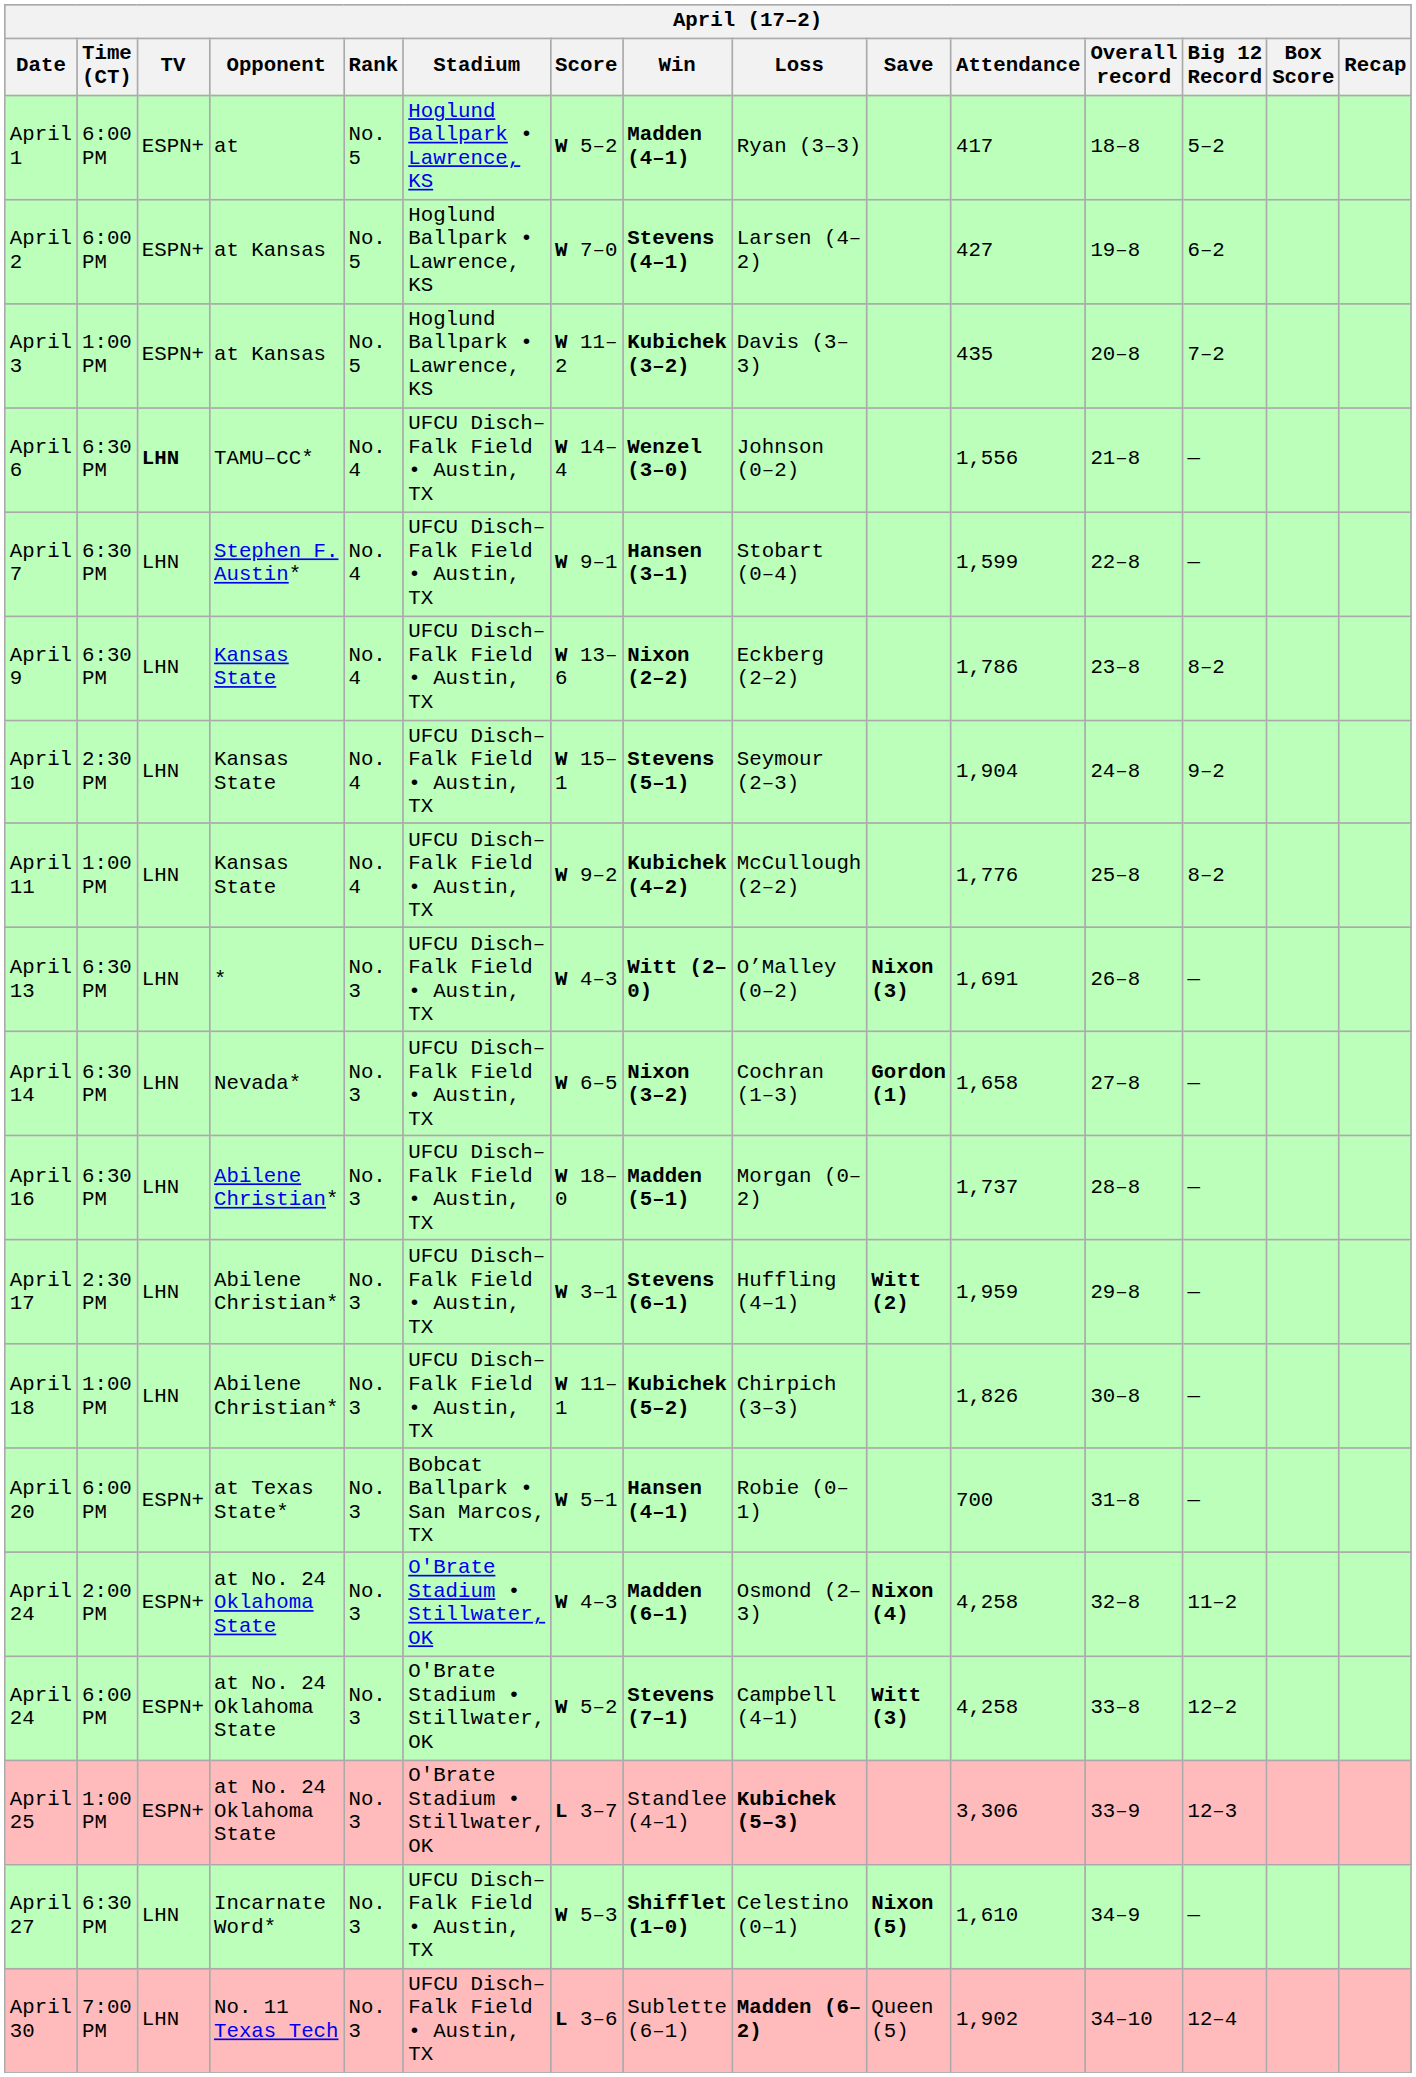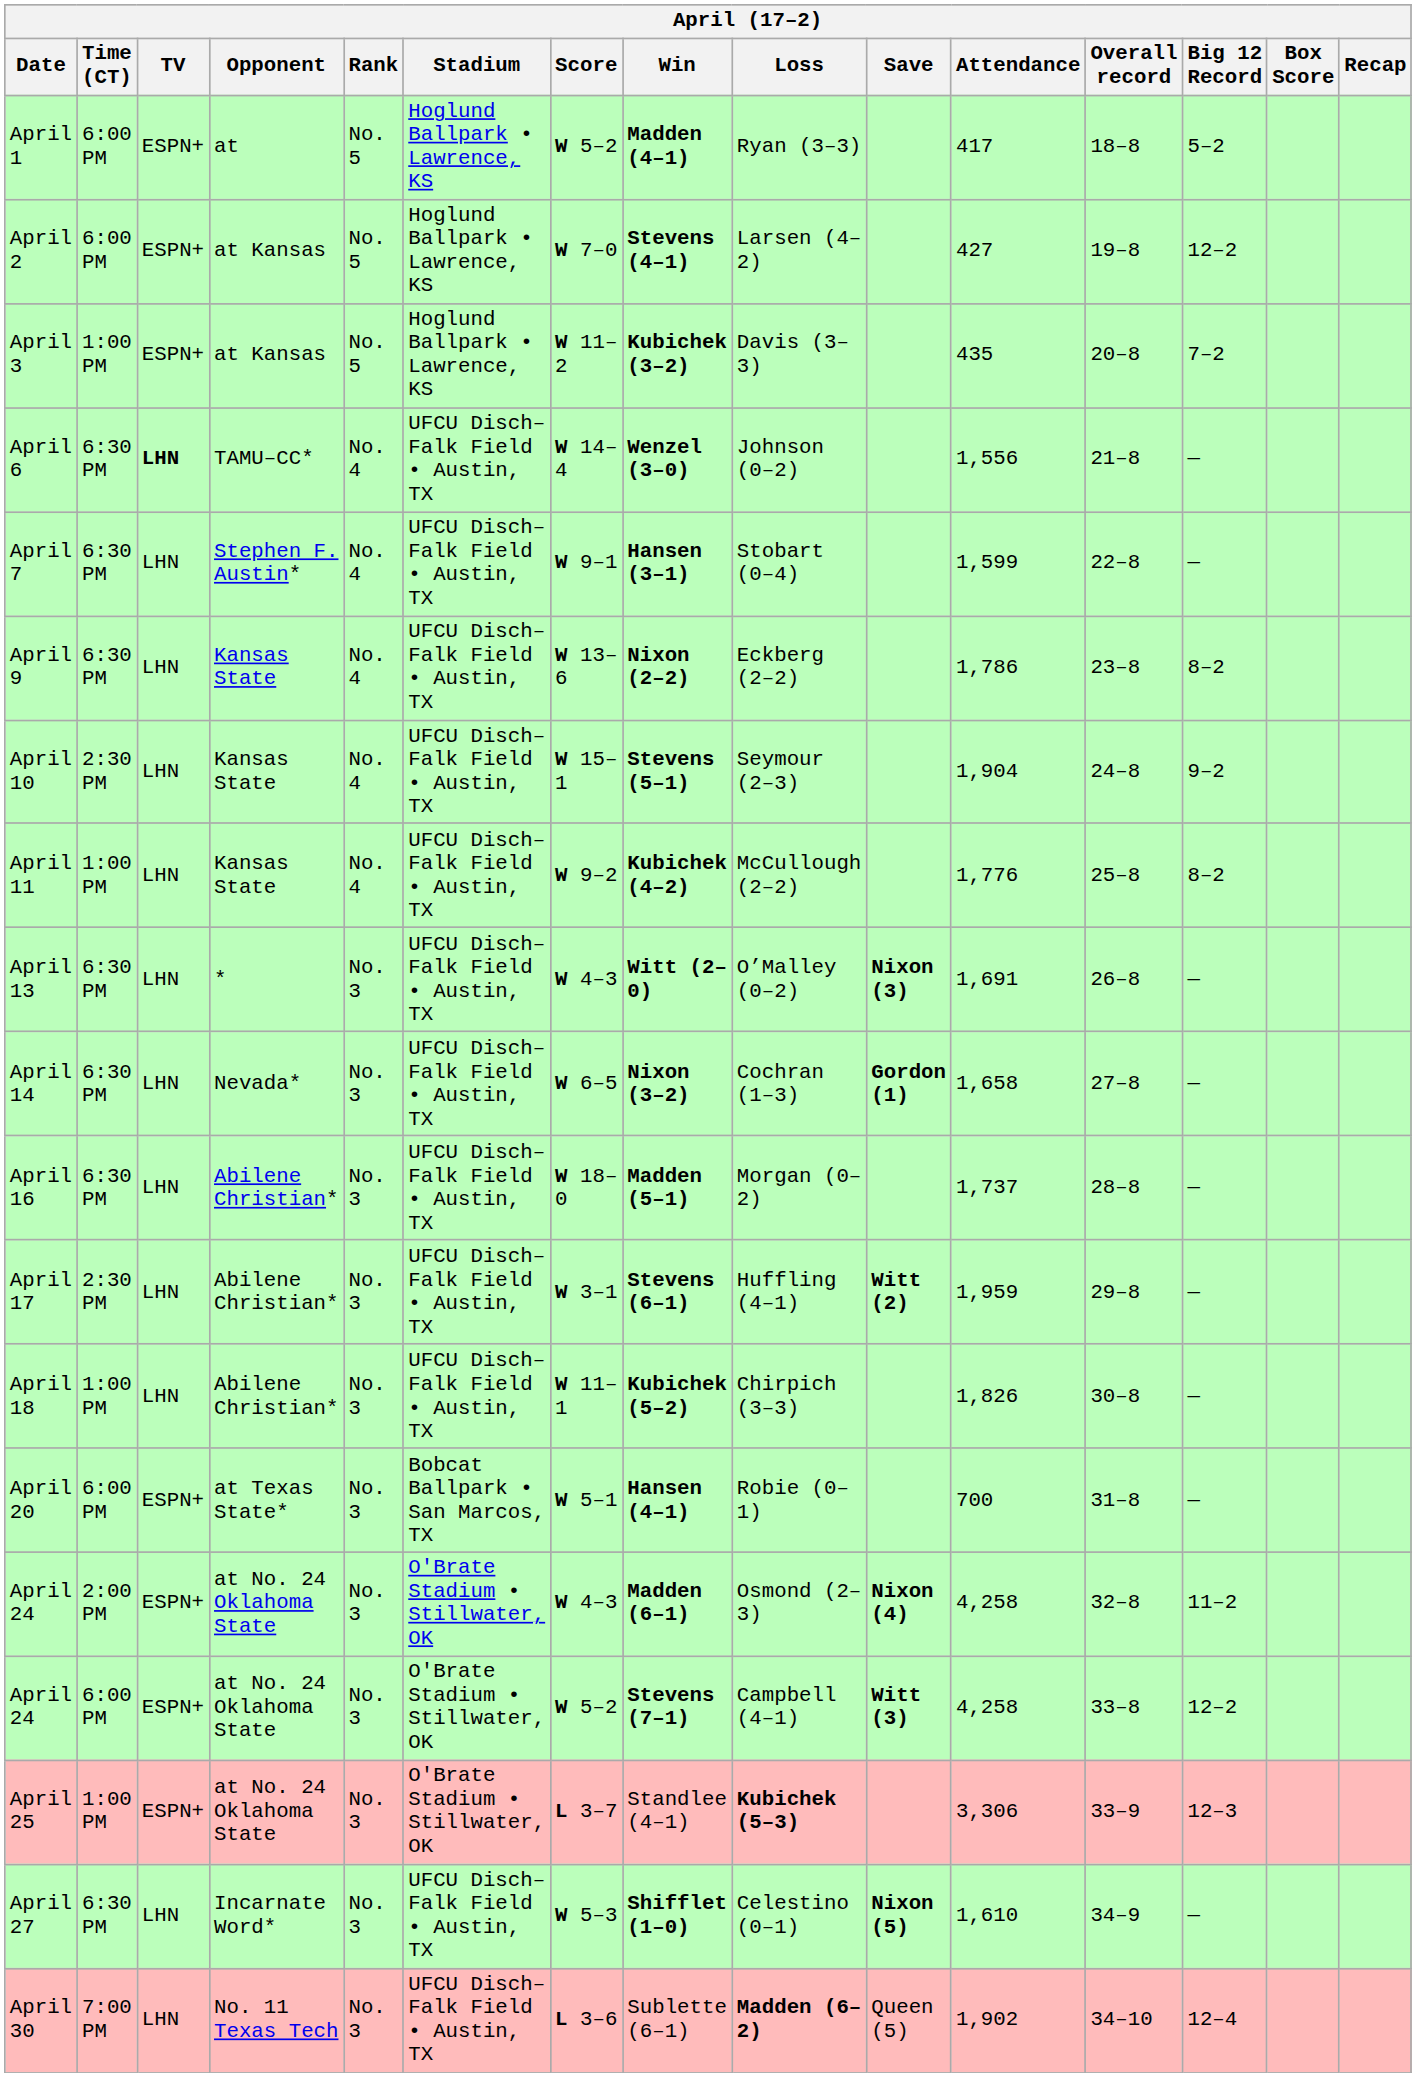 <table class="wikitable collapsible collapsed" style="margin:auto; font-size:95%; width:100%">
 <tr>
 <th colspan=15 style="padding-left:4em;">April (17–2)</th>
 </tr>
 <tr>
 <th>Date</th>
 <th>Time (CT)</th>
 <th>TV</th>
 <th>Opponent</th>
 <th>Rank</th>
 <th>Stadium</th>
 <th>Score</th>
 <th>Win</th>
 <th>Loss</th>
 <th>Save</th>
 <th>Attendance</th>
 <th>Overall record</th>
 <th>Big 12 Record</th>
 <th>Box Score</th>
 <th>Recap</th>
 </tr>
 <tr bgcolor=bbffbb>
 <td>April 1</td>
 <td>6:00 PM</td>
 <td>ESPN+</td>
 <td>at </td>
 <td>No. 5</td>
 <td><a href='#'>Hoglund Ballpark</a> • <a href='#'>Lawrence, KS</a></td>
 <td><strong>W</strong> 5–2</td>
 <td><strong>Madden (4–1)</strong></td>
 <td>Ryan (3–3)</td>
 <td></td>
 <td>417</td>
 <td>18–8</td>
 <td>5–2</td>
 <td></td>
 <td></td>
 </tr>
 <tr bgcolor=bbffbb>
 <td>April 2</td>
 <td>6:00 PM</td>
 <td>ESPN+</td>
 <td>at Kansas</td>
 <td>No. 5</td>
 <td>Hoglund Ballpark • Lawrence, KS</td>
 <td><strong>W</strong> 7–0</td>
 <td><strong>Stevens (4–1)</strong></td>
 <td>Larsen (4–2)</td>
 <td></td>
 <td>427</td>
 <td>19–8</td>
-<td>6–2</td>
+<td>12–2</td>
 <td></td>
 <td></td>
 </tr>
 <tr bgcolor=bbffbb>
 <td>April 3</td>
 <td>1:00 PM</td>
 <td>ESPN+</td>
 <td>at Kansas</td>
 <td>No. 5</td>
 <td>Hoglund Ballpark • Lawrence, KS</td>
 <td><strong>W</strong> 11–2</td>
 <td><strong>Kubichek (3–2)</strong></td>
 <td>Davis (3–3)</td>
 <td></td>
 <td>435</td>
 <td>20–8</td>
 <td>7–2</td>
 <td></td>
 <td></td>
 </tr>
 <tr bgcolor=bbffbb>
 <td>April 6</td>
 <td>6:30 PM</td>
 <td><strong>LHN</strong></td>
 <td>TAMU–CC*</td>
 <td>No. 4</td>
 <td>UFCU Disch–Falk Field • Austin, TX</td>
 <td><strong>W</strong> 14–4</td>
 <td><strong>Wenzel (3–0)</strong></td>
 <td>Johnson (0–2)</td>
 <td></td>
 <td>1,556</td>
 <td>21–8</td>
 <td>—</td>
 <td></td>
 <td></td>
 </tr>
 <tr bgcolor=bbffbb>
 <td>April 7</td>
 <td>6:30 PM</td>
 <td>LHN</td>
 <td><a href='#'>Stephen F. Austin</a>*</td>
 <td>No. 4</td>
 <td>UFCU Disch–Falk Field • Austin, TX</td>
 <td><strong>W</strong> 9–1</td>
 <td><strong>Hansen (3–1)</strong></td>
 <td>Stobart (0–4)</td>
 <td></td>
 <td>1,599</td>
 <td>22–8</td>
 <td>—</td>
 <td></td>
 <td></td>
 </tr>
 <tr bgcolor=bbffbb>
 <td>April 9</td>
 <td>6:30 PM</td>
 <td>LHN</td>
 <td><a href='#'>Kansas State</a></td>
 <td>No. 4</td>
 <td>UFCU Disch–Falk Field • Austin, TX</td>
 <td><strong>W</strong> 13–6</td>
 <td><strong>Nixon (2–2)</strong></td>
 <td>Eckberg (2–2)</td>
 <td></td>
 <td>1,786</td>
 <td>23–8</td>
 <td>8–2</td>
 <td></td>
 <td></td>
 </tr>
 <tr bgcolor=bbffbb>
 <td>April 10</td>
 <td>2:30 PM</td>
 <td>LHN</td>
 <td>Kansas State</td>
 <td>No. 4</td>
 <td>UFCU Disch–Falk Field • Austin, TX</td>
 <td><strong>W</strong> 15–1</td>
 <td><strong>Stevens (5–1)</strong></td>
 <td>Seymour (2–3)</td>
 <td></td>
 <td>1,904</td>
 <td>24–8</td>
 <td>9–2</td>
 <td></td>
 <td></td>
 </tr>
 <tr bgcolor=bbffbb>
 <td>April 11</td>
 <td>1:00 PM</td>
 <td>LHN</td>
 <td>Kansas State</td>
 <td>No. 4</td>
 <td>UFCU Disch–Falk Field • Austin, TX</td>
 <td><strong>W</strong> 9–2</td>
 <td><strong>Kubichek (4–2)</strong></td>
 <td>McCullough (2–2)</td>
 <td></td>
 <td>1,776</td>
 <td>25–8</td>
 <td>8–2</td>
 <td></td>
 <td></td>
 </tr>
 <tr bgcolor=bbffbb>
 <td>April 13</td>
 <td>6:30 PM</td>
 <td>LHN</td>
 <td>*</td>
 <td>No. 3</td>
 <td>UFCU Disch–Falk Field • Austin, TX</td>
 <td><strong>W</strong> 4–3</td>
 <td><strong>Witt (2–0)</strong></td>
 <td>O’Malley (0–2)</td>
 <td><strong>Nixon (3)</strong></td>
 <td>1,691</td>
 <td>26–8</td>
 <td>—</td>
 <td></td>
 <td></td>
 </tr>
 <tr bgcolor=bbffbb>
 <td>April 14</td>
 <td>6:30 PM</td>
 <td>LHN</td>
 <td>Nevada*</td>
 <td>No. 3</td>
 <td>UFCU Disch–Falk Field • Austin, TX</td>
 <td><strong>W</strong> 6–5</td>
 <td><strong>Nixon (3–2)</strong></td>
 <td>Cochran (1–3)</td>
 <td><strong>Gordon (1)</strong></td>
 <td>1,658</td>
 <td>27–8</td>
 <td>—</td>
 <td></td>
 <td></td>
 </tr>
 <tr bgcolor=bbffbb>
 <td>April 16</td>
 <td>6:30 PM</td>
 <td>LHN</td>
 <td><a href='#'>Abilene Christian</a>*</td>
 <td>No. 3</td>
 <td>UFCU Disch–Falk Field • Austin, TX</td>
 <td><strong>W</strong> 18–0</td>
 <td><strong>Madden (5–1)</strong></td>
 <td>Morgan (0–2)</td>
 <td></td>
 <td>1,737</td>
 <td>28–8</td>
 <td>—</td>
 <td></td>
 <td></td>
 </tr>
 <tr bgcolor=bbffbb>
 <td>April 17</td>
 <td>2:30 PM</td>
 <td>LHN</td>
 <td>Abilene Christian*</td>
 <td>No. 3</td>
 <td>UFCU Disch–Falk Field • Austin, TX</td>
 <td><strong>W</strong> 3–1</td>
 <td><strong>Stevens (6–1)</strong></td>
 <td>Huffling (4–1)</td>
 <td><strong>Witt (2)</strong></td>
 <td>1,959</td>
 <td>29–8</td>
 <td>—</td>
 <td></td>
 <td></td>
 </tr>
 <tr bgcolor=bbffbb>
 <td>April 18</td>
 <td>1:00 PM</td>
 <td>LHN</td>
 <td>Abilene Christian*</td>
 <td>No. 3</td>
 <td>UFCU Disch–Falk Field • Austin, TX</td>
 <td><strong>W</strong> 11–1</td>
 <td><strong>Kubichek (5–2)</strong></td>
 <td>Chirpich (3–3)</td>
 <td></td>
 <td>1,826</td>
 <td>30–8</td>
 <td>—</td>
 <td></td>
 <td></td>
 </tr>
 <tr bgcolor=bbffbb>
 <td>April 20</td>
 <td>6:00 PM</td>
 <td>ESPN+</td>
 <td>at Texas State*</td>
 <td>No. 3</td>
 <td>Bobcat Ballpark • San Marcos, TX</td>
 <td><strong>W</strong> 5–1</td>
 <td><strong>Hansen (4–1)</strong></td>
 <td>Robie (0–1)</td>
 <td></td>
 <td>700</td>
 <td>31–8</td>
 <td>—</td>
 <td></td>
 <td></td>
 </tr>
 <tr bgcolor=bbffbb>
 <td>April 24</td>
 <td>2:00 PM</td>
 <td>ESPN+</td>
 <td>at No. 24 <a href='#'>Oklahoma State</a></td>
 <td>No. 3</td>
 <td><a href='#'>O'Brate Stadium</a> • <a href='#'>Stillwater, OK</a></td>
 <td><strong>W</strong> 4–3</td>
 <td><strong>Madden (6–1)</strong></td>
 <td>Osmond (2–3)</td>
 <td><strong>Nixon (4)</strong></td>
 <td>4,258</td>
 <td>32–8</td>
 <td>11–2</td>
 <td></td>
 <td></td>
 </tr>
 <tr bgcolor=bbffbb>
 <td>April 24</td>
 <td>6:00 PM</td>
 <td>ESPN+</td>
 <td>at No. 24 Oklahoma State</td>
 <td>No. 3</td>
 <td>O'Brate Stadium • Stillwater, OK</td>
 <td><strong>W</strong> 5–2</td>
 <td><strong>Stevens (7–1)</strong></td>
 <td>Campbell (4–1)</td>
 <td><strong>Witt (3)</strong></td>
 <td>4,258</td>
 <td>33–8</td>
 <td>12–2</td>
 <td></td>
 <td></td>
 </tr>
 <tr bgcolor=ffbbbb>
 <td>April 25</td>
 <td>1:00 PM</td>
 <td>ESPN+</td>
 <td>at No. 24 Oklahoma State</td>
 <td>No. 3</td>
 <td>O'Brate Stadium • Stillwater, OK</td>
 <td><strong>L</strong> 3–7</td>
 <td>Standlee (4–1)</td>
 <td><strong>Kubichek (5–3)</strong></td>
 <td></td>
 <td>3,306</td>
 <td>33–9</td>
 <td>12–3</td>
 <td></td>
 <td></td>
 </tr>
 <tr bgcolor=bbffbb>
 <td>April 27</td>
 <td>6:30 PM</td>
 <td>LHN</td>
 <td>Incarnate Word*</td>
 <td>No. 3</td>
 <td>UFCU Disch–Falk Field • Austin, TX</td>
 <td><strong>W</strong> 5–3</td>
 <td><strong>Shifflet (1–0)</strong></td>
 <td>Celestino (0–1)</td>
 <td><strong>Nixon (5)</strong></td>
 <td>1,610</td>
 <td>34–9</td>
 <td>—</td>
 <td></td>
 <td></td>
 </tr>
 <tr bgcolor=ffbbbb>
 <td>April 30</td>
 <td>7:00 PM</td>
 <td>LHN</td>
 <td>No. 11 <a href='#'>Texas Tech</a></td>
 <td>No. 3</td>
 <td>UFCU Disch–Falk Field • Austin, TX</td>
 <td><strong>L</strong> 3–6</td>
 <td>Sublette (6–1)</td>
 <td><strong>Madden (6–2)</strong></td>
 <td>Queen (5)</td>
 <td>1,902</td>
 <td>34–10</td>
 <td>12–4</td>
 <td></td>
 <td></td>
 </tr>
 </table>
